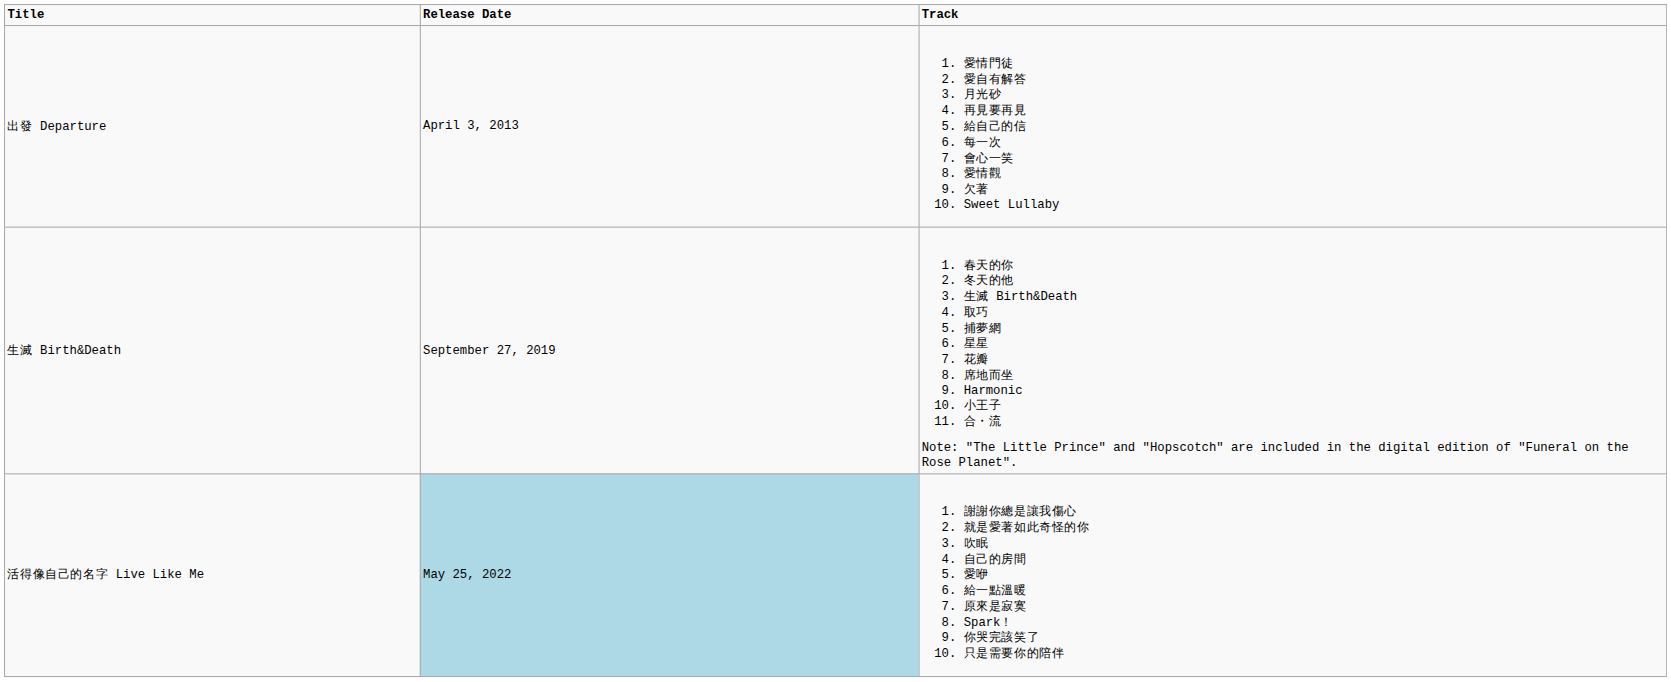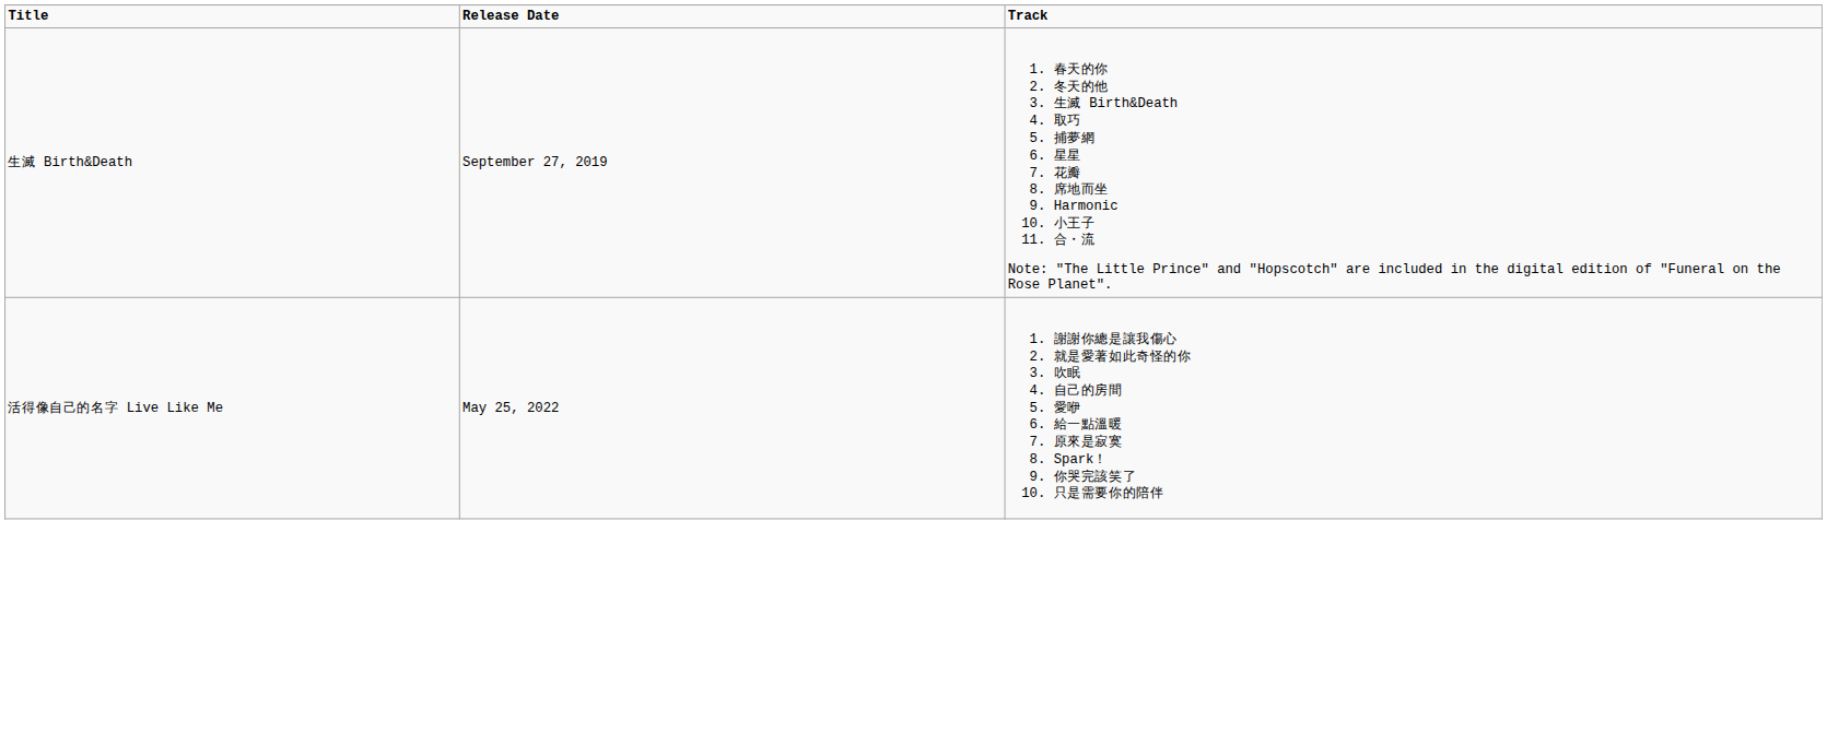 <table class="wikitable" width="100%" style="font-size:90%">
 <tr>
 <td style="width:25%"><strong>Title</strong></td>
 <td style="width:30%"><strong>Release Date</strong></td>
 <td style="width:100%"><strong>Track</strong></td>
-</tr>
-<tr>
-<td>出發 Departure</td>
-<td>April 3, 2013</td>
-<td><br><ol><li>愛情門徒</li><li>愛自有解答</li><li>月光砂</li><li>再見要再見</li><li>給自己的信</li><li>每一次</li><li>會心一笑</li><li>愛情觀</li><li>欠著</li><li>Sweet Lullaby</li></ol></td>
 </tr>
 <tr>
 <td>生滅 Birth&Death</td>
 <td>September 27, 2019</td>
 <td><br><ol><li>春天的你</li><li>冬天的他</li><li>生滅 Birth&Death</li><li>取巧</li><li>捕夢網</li><li>星星</li><li>花瓣</li><li>席地而坐</li><li>Harmonic</li><li>小王子</li><li>合・流</li></ol>Note: "The Little Prince" and "Hopscotch" are included in the digital edition of "Funeral on the Rose Planet".</td>
 </tr>
 <tr>
 <td>活得像自己的名字 Live Like Me</td>
-<td style="background: lightblue;">May 25, 2022</td>
+<td>May 25, 2022</td>
 <td><br><ol><li>謝謝你總是讓我傷心</li><li>就是愛著如此奇怪的你</li><li>吹眠</li><li>自己的房間</li><li>愛咿</li><li>給一點溫暖</li><li>原來是寂寞</li><li>Spark！</li><li>你哭完該笑了</li><li>只是需要你的陪伴</li></ol></td>
 </tr>
 </table>
